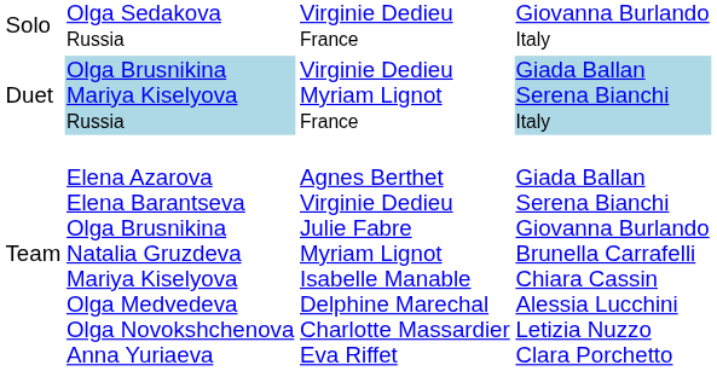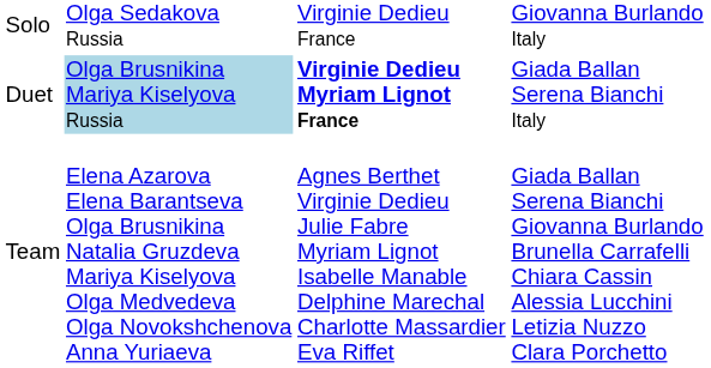 <table>
 <tr>
 <td>Solo</td>
 <td> <a href='#'>Olga Sedakova</a><br><small>Russia</small></td>
 <td> <a href='#'>Virginie Dedieu</a><br><small>France</small></td>
 <td> <a href='#'>Giovanna Burlando</a><br><small>Italy</small></td>
 </tr>
 <tr>
 <td>Duet</td>
 <td style="background: lightblue;"> <a href='#'>Olga Brusnikina</a><br><a href='#'>Mariya Kiselyova</a><br><small>Russia</small></td>
-<td> <a href='#'>Virginie Dedieu</a><br><a href='#'>Myriam Lignot</a><br><small>France</small></td>
-<td style="background: lightblue;"> <a href='#'>Giada Ballan</a><br><a href='#'>Serena Bianchi</a><br><small>Italy</small></td>
+<td><strong> <a href='#'>Virginie Dedieu</a><br><a href='#'>Myriam Lignot</a><br><small>France</small></strong></td>
+<td> <a href='#'>Giada Ballan</a><br><a href='#'>Serena Bianchi</a><br><small>Italy</small></td>
 </tr>
 <tr>
 <td>Team</td>
 <td><br><a href='#'>Elena Azarova</a><br><a href='#'>Elena Barantseva</a><br><a href='#'>Olga Brusnikina</a><br><a href='#'>Natalia Gruzdeva</a><br><a href='#'>Mariya Kiselyova</a><br><a href='#'>Olga Medvedeva</a><br><a href='#'>Olga Novokshchenova</a><br><a href='#'>Anna Yuriaeva</a></td>
 <td><br><a href='#'>Agnes Berthet</a><br><a href='#'>Virginie Dedieu</a><br><a href='#'>Julie Fabre</a><br><a href='#'>Myriam Lignot</a><br><a href='#'>Isabelle Manable</a><br><a href='#'>Delphine Marechal</a><br><a href='#'>Charlotte Massardier</a><br><a href='#'>Eva Riffet</a></td>
 <td><br><a href='#'>Giada Ballan</a><br><a href='#'>Serena Bianchi</a><br><a href='#'>Giovanna Burlando</a><br><a href='#'>Brunella Carrafelli</a><br><a href='#'>Chiara Cassin</a><br><a href='#'>Alessia Lucchini</a><br><a href='#'>Letizia Nuzzo</a> <br><a href='#'>Clara Porchetto</a></td>
 </tr>
 </table>
